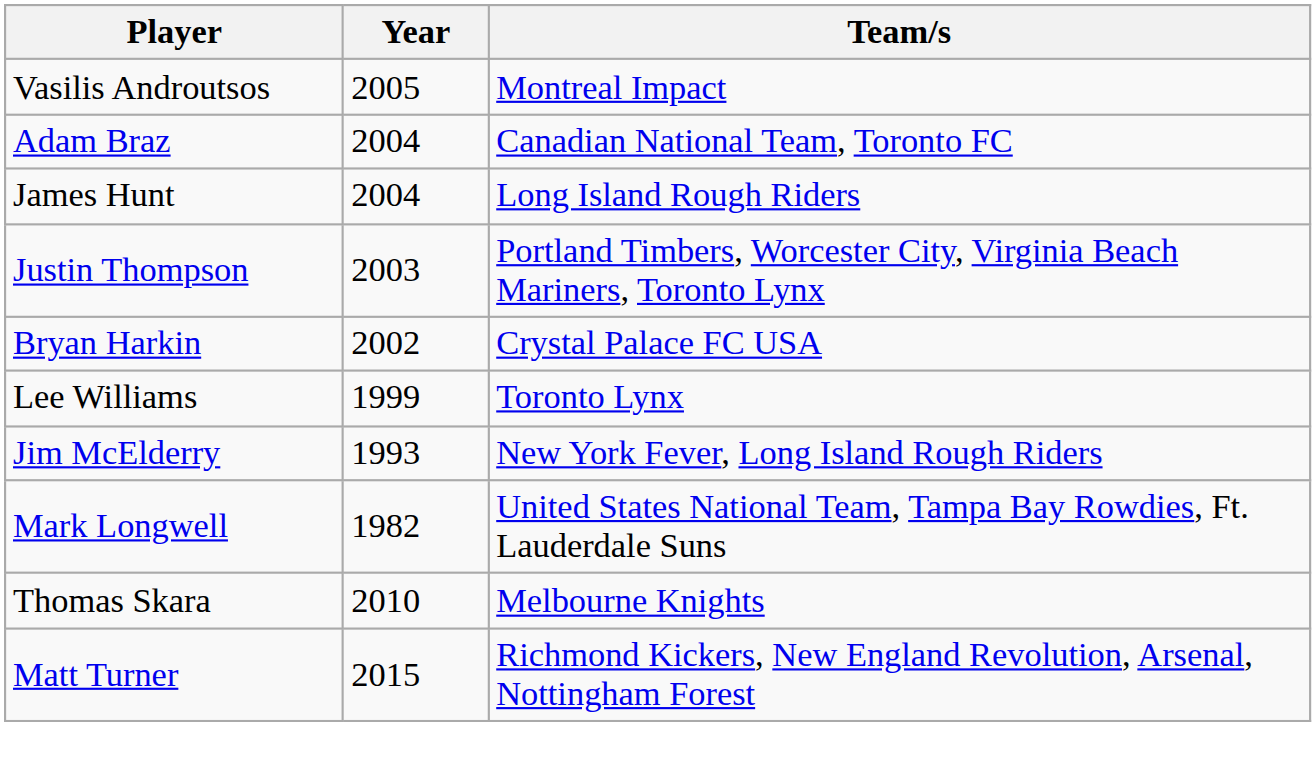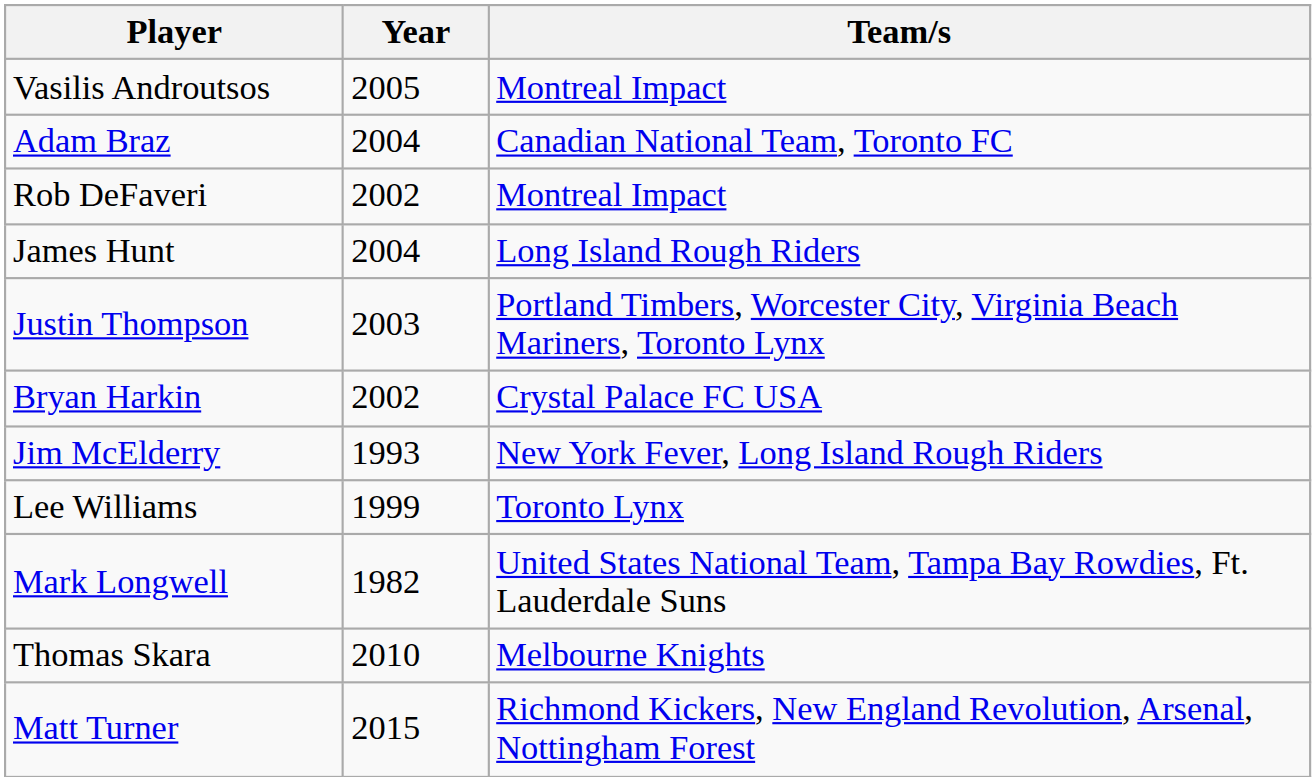 <table class= "wikitable" style="text-align: ">
 <tr>
 <th width=150px>Player</th>
 <th width=60px>Year</th>
 <th width=px>Team/s</th>
 </tr>
 <tr>
 <td>Vasilis Androutsos</td>
 <td>2005</td>
 <td><a href='#'>Montreal Impact</a></td>
 </tr>
 <tr>
 <td><a href='#'>Adam Braz</a></td>
 <td>2004</td>
 <td><a href='#'>Canadian National Team</a>, <a href='#'>Toronto FC</a></td>
 </tr>
 <tr>
+<td>Rob DeFaveri</td>
+<td>2002</td>
+<td><a href='#'>Montreal Impact</a></td>
+</tr>
+<tr>
 <td>James Hunt</td>
 <td>2004</td>
 <td><a href='#'>Long Island Rough Riders</a></td>
 </tr>
 <tr>
 <td><a href='#'>Justin Thompson</a></td>
 <td>2003</td>
 <td><a href='#'>Portland Timbers</a>, <a href='#'>Worcester City</a>, <a href='#'>Virginia Beach Mariners</a>, <a href='#'>Toronto Lynx</a></td>
 </tr>
 <tr>
 <td><a href='#'>Bryan Harkin</a></td>
 <td>2002</td>
 <td><a href='#'>Crystal Palace FC USA</a></td>
 </tr>
 <tr>
+<td><a href='#'>Jim McElderry</a></td>
+<td>1993</td>
+<td><a href='#'>New York Fever</a>, <a href='#'>Long Island Rough Riders</a></td>
+</tr>
+<tr>
 <td>Lee Williams</td>
 <td>1999</td>
 <td><a href='#'>Toronto Lynx</a></td>
-</tr>
-<tr>
-<td><a href='#'>Jim McElderry</a></td>
-<td>1993</td>
-<td><a href='#'>New York Fever</a>, <a href='#'>Long Island Rough Riders</a></td>
 </tr>
 <tr>
 <td><a href='#'>Mark Longwell</a></td>
 <td>1982</td>
 <td><a href='#'>United States National Team</a>, <a href='#'>Tampa Bay Rowdies</a>, Ft. Lauderdale Suns</td>
 </tr>
 <tr>
 <td>Thomas Skara</td>
 <td>2010</td>
 <td><a href='#'>Melbourne Knights</a></td>
 </tr>
 <tr>
 <td><a href='#'>Matt Turner</a></td>
 <td>2015</td>
 <td><a href='#'>Richmond Kickers</a>, <a href='#'>New England Revolution</a>, <a href='#'>Arsenal</a>, <a href='#'>Nottingham Forest</a></td>
 </tr>
 </table>
